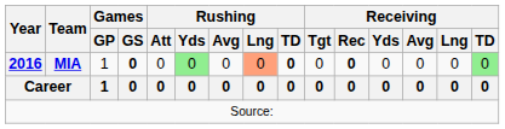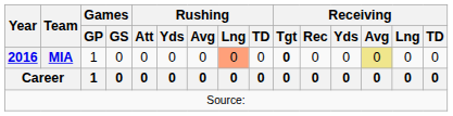 <table class=wikitable style="text-align:center;">
 <tr>
 <th rowspan="2">Year</th>
 <th rowspan="2">Team</th>
 <th colspan="2">Games</th>
 <th colspan="5">Rushing</th>
 <th colspan="6">Receiving</th>
 </tr>
 <tr>
 <th>GP</th>
 <th>GS</th>
 <th>Att</th>
 <th>Yds</th>
 <th>Avg</th>
 <th>Lng</th>
 <th>TD</th>
 <th>Tgt</th>
 <th>Rec</th>
 <th>Yds</th>
 <th>Avg</th>
 <th>Lng</th>
 <th>TD</th>
 </tr>
 <tr>
 <th><a href='#'>2016</a></th>
 <th><a href='#'>MIA</a></th>
 <td>1</td>
-<td><strong>0</strong></td>
 <td>0</td>
-<td style="background: lightgreen;">0</td>
+<td>0</td>
+<td>0</td>
 <td>0</td>
 <td style="background: lightsalmon;">0</td>
-<td><strong>0</strong></td>
 <td>0</td>
 <td><strong>0</strong></td>
 <td>0</td>
 <td>0</td>
+<td style="background: khaki;">0</td>
 <td>0</td>
-<td style="background: lightgreen;">0</td>
+<td>0</td>
 </tr>
 <tr>
 <th colspan="2">Career</th>
 <th>1</th>
 <th>0</th>
 <th>0</th>
 <th>0</th>
 <th>0</th>
 <th>0</th>
 <th>0</th>
 <th>0</th>
 <th>0</th>
 <th>0</th>
 <th>0</th>
 <th>0</th>
 <th>0</th>
 </tr>
 <tr>
 <td colspan="15"><small>Source: </small></td>
 </tr>
 </table>
